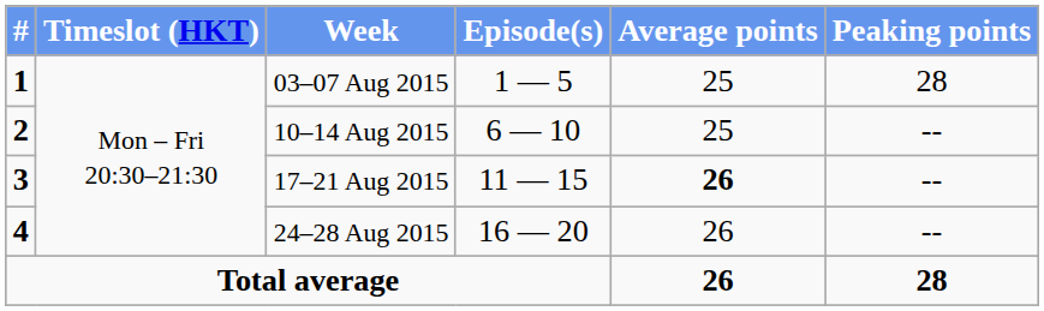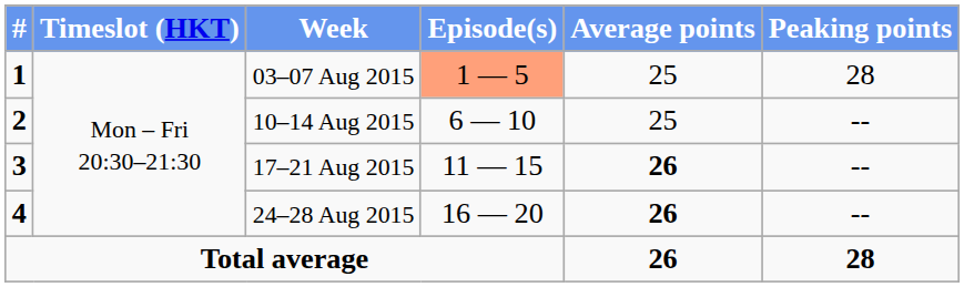 <table class="wikitable" style="text-align:center;">
 <tr style="background:cornflowerblue; color:white" align="center">
 </tr>
 <tr>
 <th style="background:cornflowerblue; color:white" align="center">#</th>
 <th style="background:cornflowerblue; color:white" align="center">Timeslot (<a href='#'>HKT</a>)</th>
 <th style="background:cornflowerblue; color:white" align="center">Week</th>
 <th style="background:cornflowerblue; color:white" align="center">Episode(s)</th>
 <th style="background:cornflowerblue; color:white" align="center">Average points</th>
 <th style="background:cornflowerblue; color:white" align="center">Peaking points</th>
 </tr>
 <tr>
 <td><strong>1</strong></td>
 <td rowspan="4"><small>Mon – Fri<br>20:30–21:30</small></td>
 <td><small>03–07 Aug 2015</small></td>
-<td>1 — 5</td>
+<td style="background: lightsalmon;">1 — 5</td>
 <td>25</td>
 <td>28</td>
 </tr>
 <tr>
 <td><strong>2</strong></td>
 <td><small>10–14 Aug 2015</small></td>
 <td>6 — 10</td>
 <td>25</td>
 <td>--</td>
 </tr>
 <tr>
 <td><strong>3</strong></td>
 <td><small>17–21 Aug 2015</small></td>
 <td>11 — 15</td>
 <td><strong>26</strong></td>
 <td>--</td>
 </tr>
 <tr>
 <td><strong>4</strong></td>
 <td><small>24–28 Aug 2015</small></td>
 <td>16 — 20</td>
-<td>26</td>
+<td><strong>26</strong></td>
 <td>--</td>
 </tr>
 <tr>
 <td colspan="4"><strong>Total average</strong></td>
 <td><strong>26</strong></td>
 <td><strong>28</strong></td>
 </tr>
 </table>
